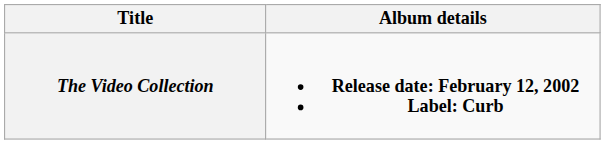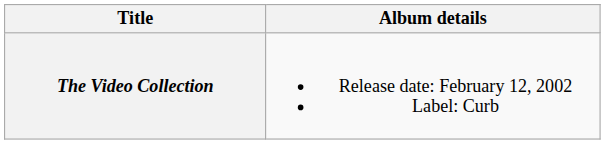 <table class="wikitable plainrowheaders" style="text-align:center;">
 <tr>
 <th style="width:14em;">Title</th>
 <th style="width:18em;">Album details</th>
 </tr>
 <tr>
 <th scope="row"><em>The Video Collection</em></th>
-<td><strong><br><ul><li>Release date: February 12, 2002</li><li>Label: Curb</li></ul></strong></td>
+<td><br><ul><li>Release date: February 12, 2002</li><li>Label: Curb</li></ul></td>
 </tr>
 </table>
